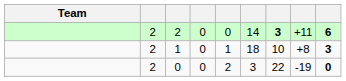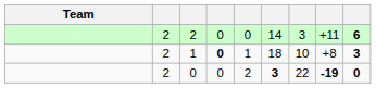 <table class="wikitable" style="text-align: center; font-size: 90%;">
 <tr>
 <th width="165">Team</th>
 <th width="25"></th>
 <th width="25"></th>
 <th width="25"></th>
 <th width="25"></th>
 <th width="25"></th>
 <th width="25"></th>
 <th width="25"></th>
 <th width="25"><br></th>
 </tr>
 <tr align=center bgcolor="ccffcc">
 <td style="text-align:left;"><strong></strong></td>
 <td>2</td>
 <td>2</td>
 <td>0</td>
 <td>0</td>
 <td>14</td>
-<td><strong>3</strong></td>
+<td>3</td>
 <td>+11</td>
 <td><strong>6</strong></td>
 </tr>
 <tr align=center>
 <td style="text-align:left;"></td>
 <td>2</td>
 <td>1</td>
-<td>0</td>
+<td><strong>0</strong></td>
 <td>1</td>
 <td>18</td>
 <td>10</td>
 <td>+8</td>
 <td><strong>3</strong></td>
 </tr>
 <tr align=center>
 <td style="text-align:left;"></td>
 <td>2</td>
 <td>0</td>
 <td>0</td>
 <td>2</td>
-<td>3</td>
+<td><strong>3</strong></td>
 <td>22</td>
-<td>-19</td>
+<td><strong>-19</strong></td>
 <td><strong>0</strong></td>
 </tr>
 </table>
